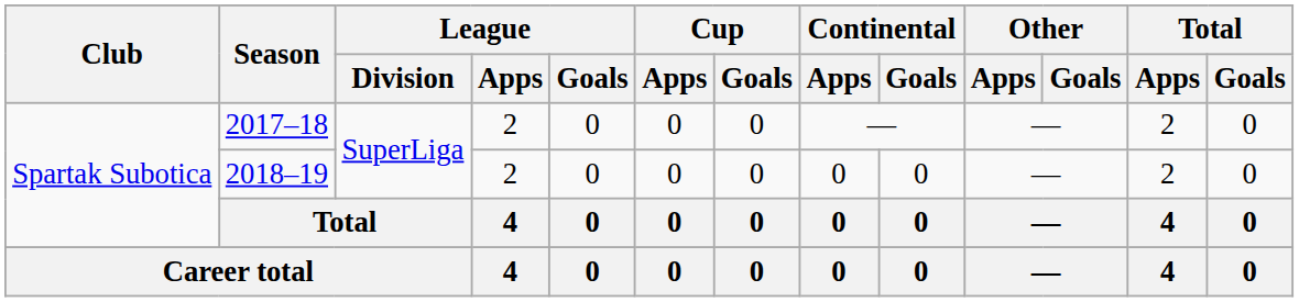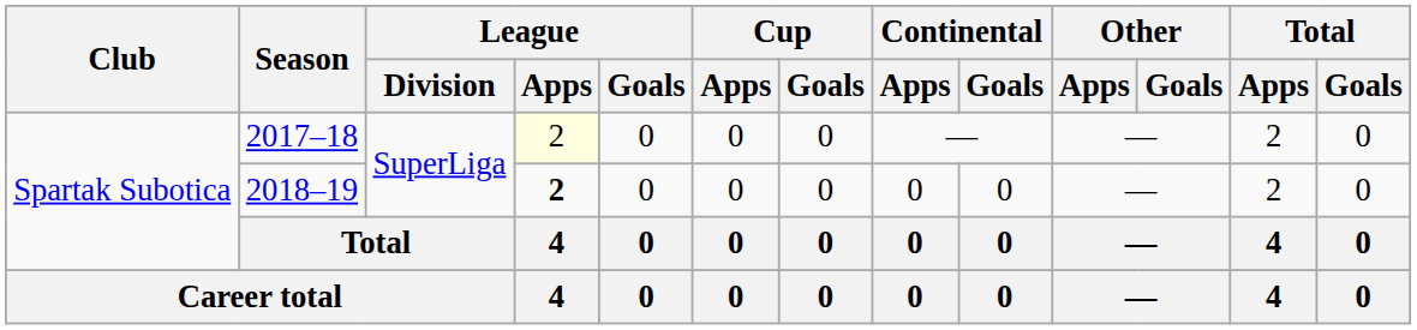 <table class="wikitable" style="text-align: center;font-size:90%">
 <tr>
 <th rowspan="2">Club</th>
 <th rowspan="2">Season</th>
 <th colspan="3">League</th>
 <th colspan="2">Cup</th>
 <th colspan="2">Continental</th>
 <th colspan="2">Other</th>
 <th colspan="2">Total</th>
 </tr>
 <tr>
 <th>Division</th>
 <th>Apps</th>
 <th>Goals</th>
 <th>Apps</th>
 <th>Goals</th>
 <th>Apps</th>
 <th>Goals</th>
 <th>Apps</th>
 <th>Goals</th>
 <th>Apps</th>
 <th>Goals</th>
 </tr>
 <tr>
 <td rowspan="3" valign="center"><a href='#'>Spartak Subotica</a></td>
 <td><a href='#'>2017–18</a></td>
 <td rowspan="2"><a href='#'>SuperLiga</a></td>
-<td>2</td>
+<td style="background: lightyellow;">2</td>
 <td>0</td>
 <td>0</td>
 <td>0</td>
 <td colspan="2">—</td>
 <td colspan="2">—</td>
 <td>2</td>
 <td>0</td>
 </tr>
 <tr>
 <td><a href='#'>2018–19</a></td>
-<td>2</td>
+<td><strong>2</strong></td>
 <td>0</td>
 <td>0</td>
 <td>0</td>
 <td>0</td>
 <td>0</td>
 <td colspan="2">—</td>
 <td>2</td>
 <td>0</td>
 </tr>
 <tr>
 <th colspan="2">Total</th>
 <th>4</th>
 <th>0</th>
 <th>0</th>
 <th>0</th>
 <th>0</th>
 <th>0</th>
 <th colspan="2">—</th>
 <th>4</th>
 <th>0</th>
 </tr>
 <tr>
 <th colspan="3">Career total</th>
 <th>4</th>
 <th>0</th>
 <th>0</th>
 <th>0</th>
 <th>0</th>
 <th>0</th>
 <th colspan="2">—</th>
 <th>4</th>
 <th>0</th>
 </tr>
 </table>
